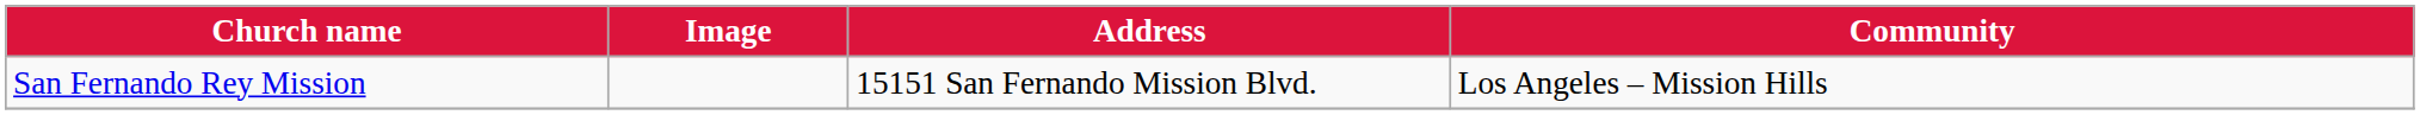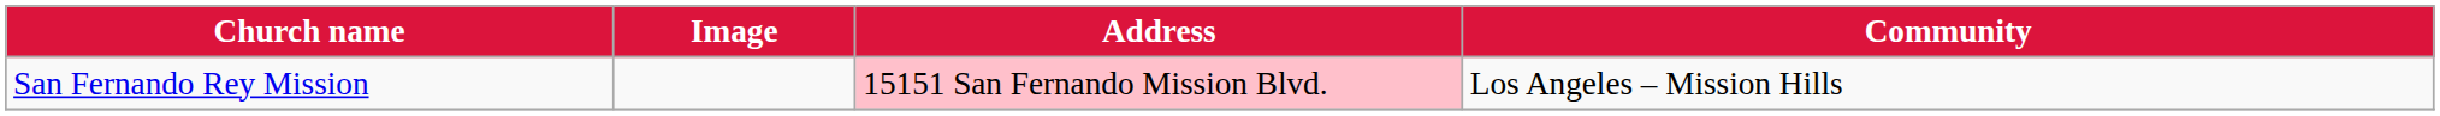 <table class="wikitable sortable" style="width:75%">
 <tr>
 <th style="background:crimson; color:white;" width="25%"><strong>Church name</strong></th>
 <th style="background:crimson; color:white;" width="10%"><strong>Image</strong></th>
 <th style="background:crimson; color:white;" width="25%"><strong>Address</strong></th>
 <th style="background:crimson; color:white;" width="15"><strong>Community</strong></th>
 </tr>
 <tr>
 <td><a href='#'>San Fernando Rey Mission</a></td>
 <td></td>
-<td>15151 San Fernando Mission Blvd.<br><small></small></td>
+<td style="background: pink;">15151 San Fernando Mission Blvd.<br><small></small></td>
 <td>Los Angeles – Mission Hills</td>
 </tr>
 <tr ->
 </tr>
 </table>
